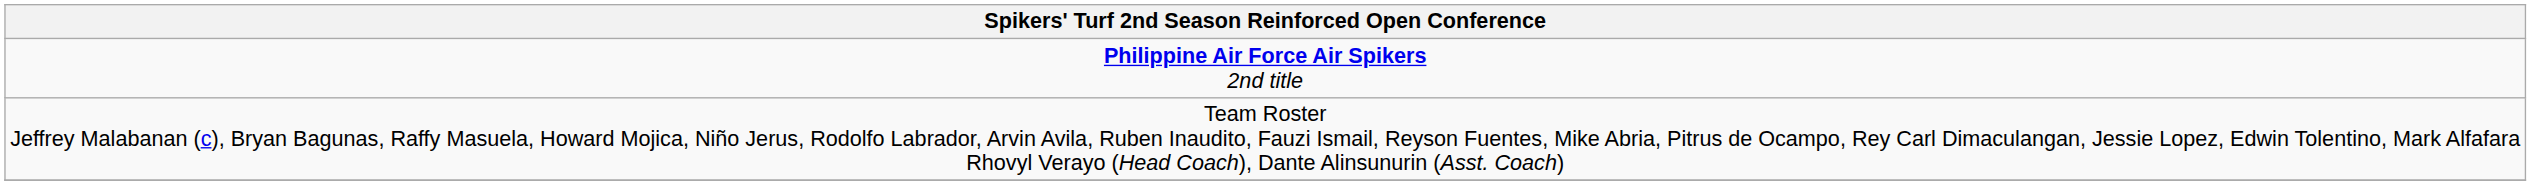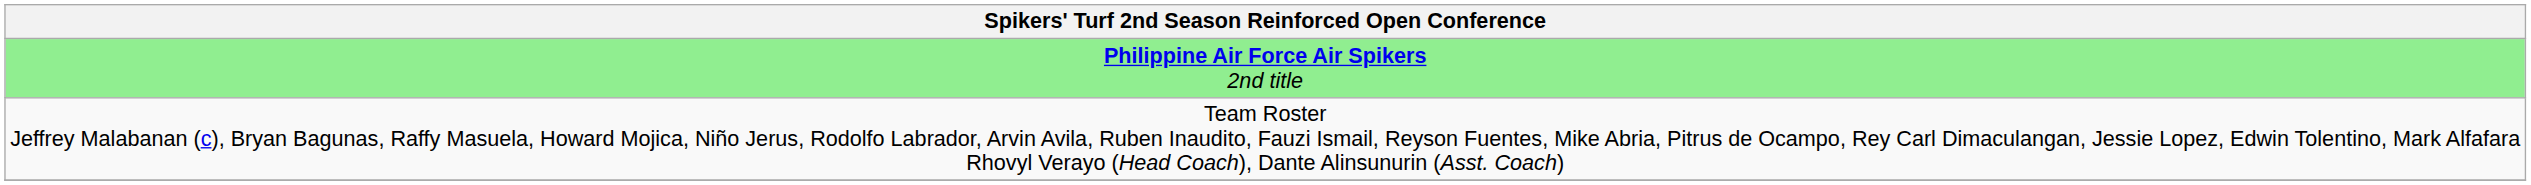 <table class=wikitable style="text-align:center; margin:auto;">
 <tr>
 <th>Spikers' Turf 2nd Season Reinforced Open Conference</th>
 </tr>
 <tr>
-<td><strong> <a href='#'>Philippine Air Force Air Spikers</a></strong><br><em>2nd title</em><br></td>
+<td style="background: lightgreen;"><strong> <a href='#'>Philippine Air Force Air Spikers</a></strong><br><em>2nd title</em><br></td>
 </tr>
 <tr>
 <td>Team Roster<br>Jeffrey Malabanan (<a href='#'>c</a>), Bryan Bagunas, Raffy Masuela, Howard Mojica, Niño Jerus, Rodolfo Labrador, Arvin Avila, Ruben Inaudito, Fauzi Ismail, Reyson Fuentes, Mike Abria, Pitrus de Ocampo, Rey Carl Dimaculangan, Jessie Lopez, Edwin Tolentino, Mark Alfafara<br>Rhovyl Verayo (<em>Head Coach</em>), Dante Alinsunurin (<em>Asst. Coach</em>)</td>
 </tr>
 <tr>
 </tr>
 </table>
